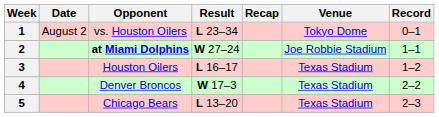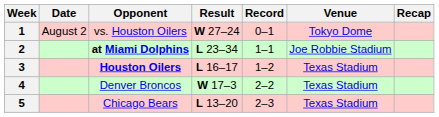 <table class="wikitable" style="text-align:center">
 <tr>
 <th>Week</th>
 <th>Date</th>
 <th>Opponent</th>
 <th>Result</th>
+<th>Record</th>
+<th>Venue</th>
 <th>Recap</th>
-<th>Venue</th>
-<th>Record</th>
 </tr>
 <tr style="background:#fcc">
 <th>1</th>
 <td>August 2</td>
 <td>vs. <a href='#'>Houston Oilers</a></td>
-<td><strong>L</strong> 23–34</td>
+<td><strong>W</strong> 27–24</td>
+<td>0–1</td>
+<td><a href='#'>Tokyo Dome</a> </td>
 <td></td>
-<td><a href='#'>Tokyo Dome</a> </td>
-<td>0–1</td>
 </tr>
 <tr style="background:#cfc">
 <th>2</th>
 <td></td>
 <td><strong>at <a href='#'>Miami Dolphins</a></strong></td>
-<td><strong>W</strong> 27–24</td>
+<td><strong>L</strong> 23–34</td>
+<td>1–1</td>
+<td><a href='#'>Joe Robbie Stadium</a></td>
 <td></td>
-<td><a href='#'>Joe Robbie Stadium</a></td>
-<td>1–1</td>
 </tr>
 <tr style="background:#fcc">
 <th>3</th>
 <td></td>
-<td><a href='#'>Houston Oilers</a></td>
+<td><strong><a href='#'>Houston Oilers</a></strong></td>
 <td><strong>L</strong> 16–17</td>
+<td>1–2</td>
+<td><a href='#'>Texas Stadium</a></td>
 <td></td>
-<td><a href='#'>Texas Stadium</a></td>
-<td>1–2</td>
 </tr>
 <tr style="background:#cfc">
 <th>4</th>
 <td></td>
 <td><a href='#'>Denver Broncos</a></td>
 <td><strong>W</strong> 17–3</td>
+<td>2–2</td>
+<td><a href='#'>Texas Stadium</a></td>
 <td></td>
-<td><a href='#'>Texas Stadium</a></td>
-<td>2–2</td>
 </tr>
 <tr style="background:#fcc">
 <th>5</th>
 <td></td>
 <td><a href='#'>Chicago Bears</a></td>
 <td><strong>L</strong> 13–20</td>
+<td>2–3</td>
+<td><a href='#'>Texas Stadium</a></td>
 <td></td>
-<td><a href='#'>Texas Stadium</a></td>
-<td>2–3</td>
 </tr>
 </table>
